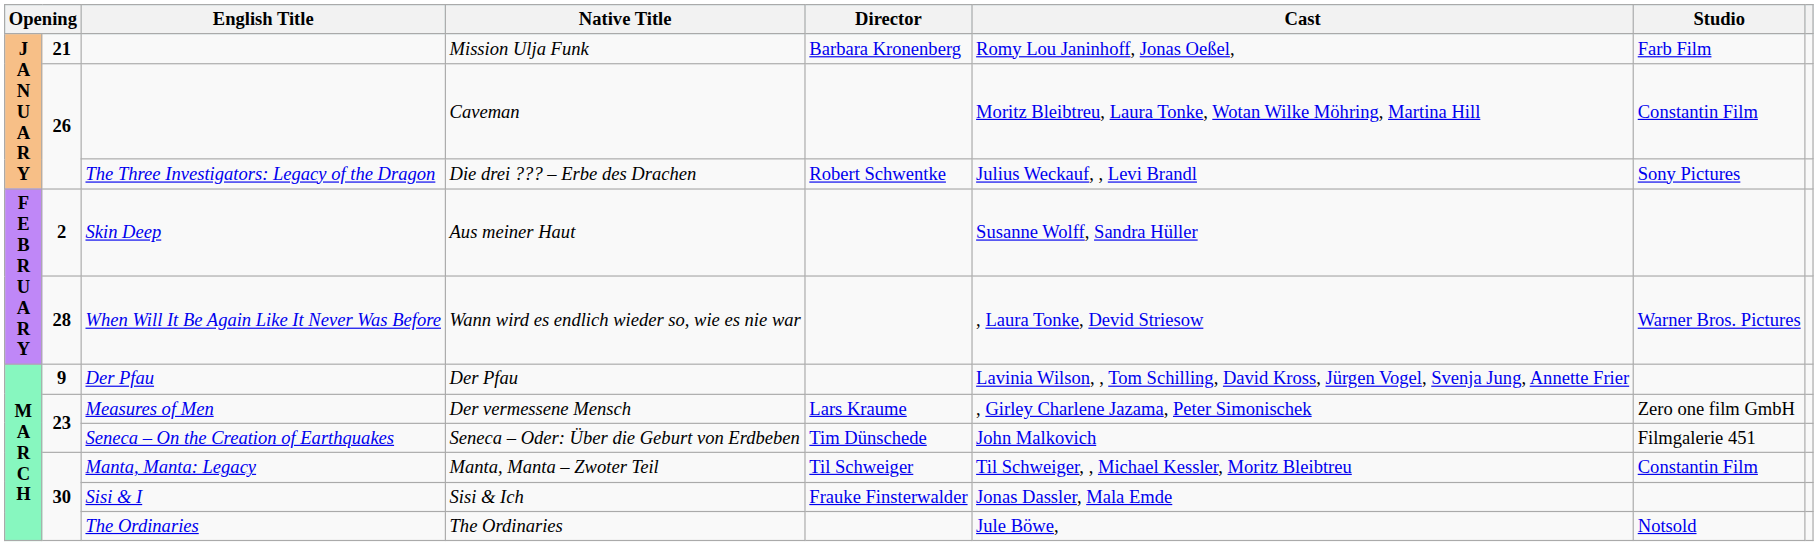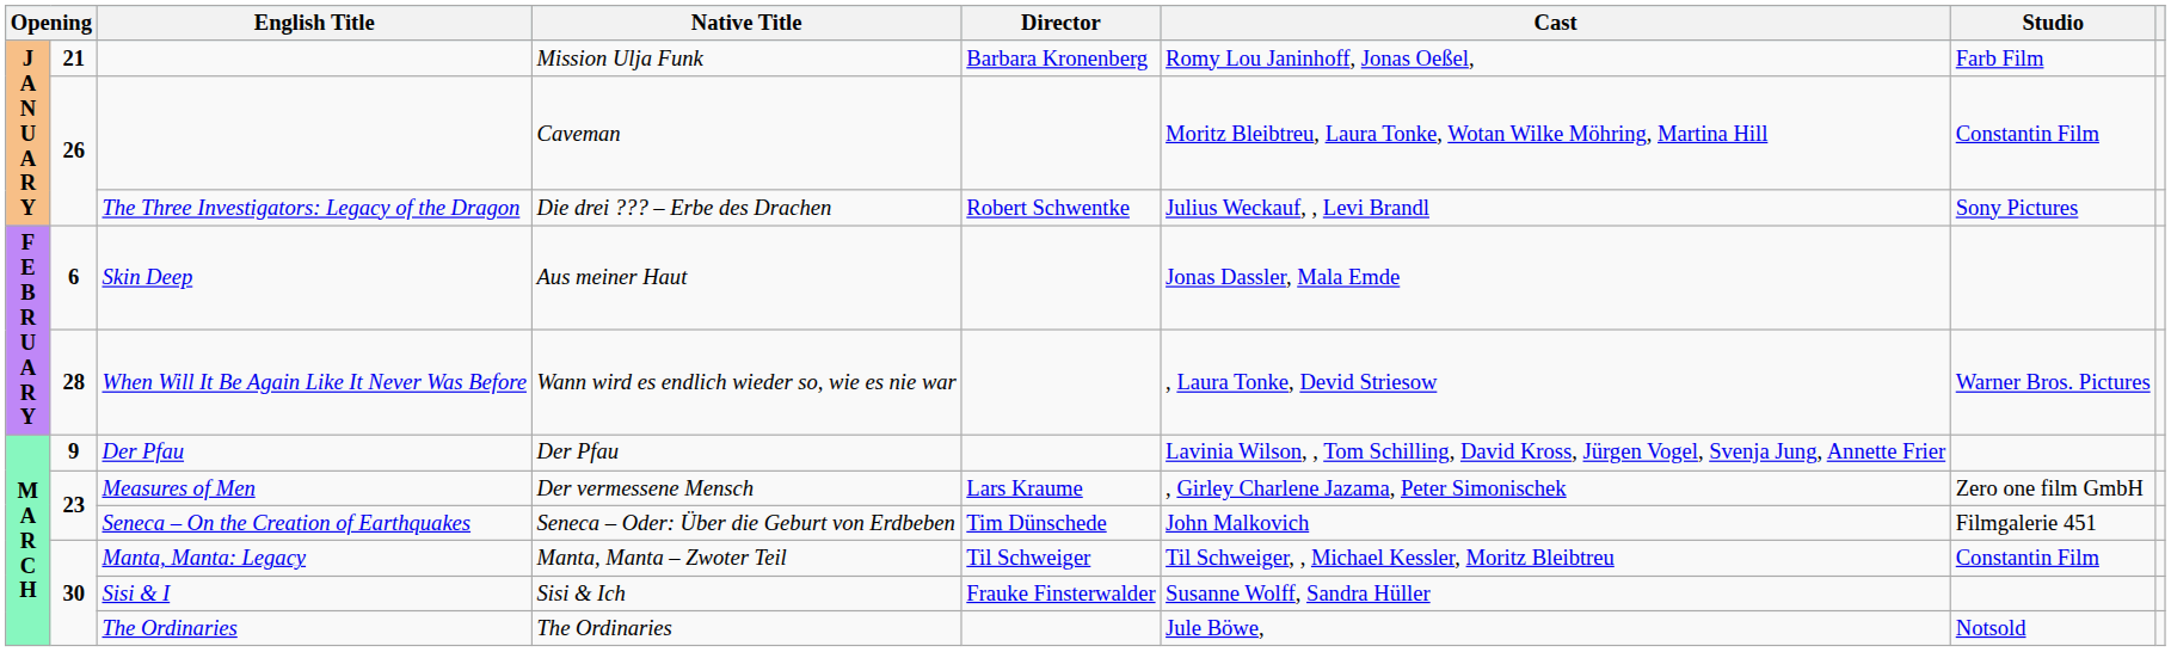 <table class="wikitable sortable">
 <tr style="background:#b0e0e6; text-align:center;">
 <th colspan="2">Opening</th>
 <th>English Title</th>
 <th>Native Title</th>
 <th>Director</th>
 <th>Cast</th>
 <th>Studio</th>
 <th></th>
 </tr>
 <tr>
 <th rowspan="3" style="text-align:center; background:#f7bf87; ">J<br>A<br>N<br>U<br>A<br>R<br>Y</th>
 <td rowspan="1" style="text-align:center"><strong>21</strong></td>
 <td><em></em></td>
 <td><em>Mission Ulja Funk</em></td>
 <td><a href='#'>Barbara Kronenberg</a></td>
 <td><a href='#'>Romy Lou Janinhoff</a>, <a href='#'>Jonas Oeßel</a>, </td>
 <td><a href='#'>Farb Film</a></td>
 <td></td>
 </tr>
 <tr>
 <td rowspan="2" style="text-align:center"><strong>26</strong></td>
 <td><em></em></td>
 <td><em>Caveman</em></td>
 <td></td>
 <td><a href='#'>Moritz Bleibtreu</a>, <a href='#'>Laura Tonke</a>, <a href='#'>Wotan Wilke Möhring</a>, <a href='#'>Martina Hill</a></td>
 <td><a href='#'>Constantin Film</a></td>
 <td></td>
 </tr>
 <tr>
 <td><em><a href='#'>The Three Investigators: Legacy of the Dragon</a></em></td>
 <td><em>Die drei ??? – Erbe des Drachen</em></td>
 <td><a href='#'>Robert Schwentke</a></td>
 <td><a href='#'>Julius Weckauf</a>, , <a href='#'>Levi Brandl</a></td>
 <td><a href='#'>Sony Pictures</a></td>
 <td></td>
 </tr>
 <tr>
 <th rowspan="2" style="text-align:center; background:#bf87f7; textcolor:#000;">F<br>E<br>B<br>R<br>U<br>A<br>R<br>Y</th>
-<td rowspan="1" style="text-align:center;"><strong>2</strong></td>
+<td rowspan="1" style="text-align:center;"><strong>6</strong></td>
 <td><em><a href='#'>Skin Deep</a></em></td>
 <td><em>Aus meiner Haut</em></td>
 <td></td>
-<td><a href='#'>Susanne Wolff</a>, <a href='#'>Sandra Hüller</a></td>
+<td><a href='#'>Jonas Dassler</a>, <a href='#'>Mala Emde</a></td>
 <td></td>
 <td></td>
 </tr>
 <tr>
 <td rowspan="1" style="text-align:center;"><strong>28</strong></td>
 <td><em><a href='#'>When Will It Be Again Like It Never Was Before</a></em></td>
 <td><em>Wann wird es endlich wieder so, wie es nie war</em></td>
 <td></td>
 <td>, <a href='#'>Laura Tonke</a>, <a href='#'>Devid Striesow</a></td>
 <td><a href='#'>Warner Bros. Pictures</a></td>
 <td></td>
 </tr>
 <tr>
 <th rowspan="6" style="text-align:center; background:#87f7bf; textcolor:#000;">M<br>A<br>R<br>C<br>H</th>
 <td rowspan="1" style="text-align:center;"><strong>9</strong></td>
 <td><em><a href='#'>Der Pfau</a></em></td>
 <td><em>Der Pfau</em></td>
 <td></td>
 <td><a href='#'>Lavinia Wilson</a>, , <a href='#'>Tom Schilling</a>, <a href='#'>David Kross</a>, <a href='#'>Jürgen Vogel</a>, <a href='#'>Svenja Jung</a>, <a href='#'>Annette Frier</a></td>
 <td></td>
 <td></td>
 </tr>
 <tr>
 <td rowspan="2" style="text-align:center;"><strong>23</strong></td>
 <td><em><a href='#'>Measures of Men</a></em></td>
 <td><em>Der vermessene Mensch</em></td>
 <td><a href='#'>Lars Kraume</a></td>
 <td>, <a href='#'>Girley Charlene Jazama</a>, <a href='#'>Peter Simonischek</a></td>
 <td>Zero one film GmbH</td>
 <td></td>
 </tr>
 <tr>
 <td><em><a href='#'>Seneca – On the Creation of Earthquakes</a></em></td>
 <td><em>Seneca – Oder: Über die Geburt von Erdbeben</em></td>
 <td><a href='#'>Tim Dünschede</a></td>
 <td><a href='#'>John Malkovich</a></td>
 <td>Filmgalerie 451</td>
 <td></td>
 </tr>
 <tr>
 <td rowspan="3" style="text-align:center;"><strong>30</strong></td>
 <td><em><a href='#'>Manta, Manta: Legacy</a></em></td>
 <td><em>Manta, Manta – Zwoter Teil</em></td>
 <td><a href='#'>Til Schweiger</a></td>
 <td><a href='#'>Til Schweiger</a>, , <a href='#'>Michael Kessler</a>, <a href='#'>Moritz Bleibtreu</a></td>
 <td><a href='#'>Constantin Film</a></td>
 <td></td>
 </tr>
 <tr>
 <td><em><a href='#'>Sisi & I</a></em></td>
 <td><em>Sisi & Ich</em></td>
 <td><a href='#'>Frauke Finsterwalder</a></td>
-<td><a href='#'>Jonas Dassler</a>, <a href='#'>Mala Emde</a></td>
+<td><a href='#'>Susanne Wolff</a>, <a href='#'>Sandra Hüller</a></td>
 <td></td>
 <td></td>
 </tr>
 <tr>
 <td><em><a href='#'>The Ordinaries</a></em></td>
 <td><em>The Ordinaries</em></td>
 <td></td>
 <td><a href='#'>Jule Böwe</a>, </td>
 <td><a href='#'>Notsold</a></td>
 <td></td>
 </tr>
 </table>
